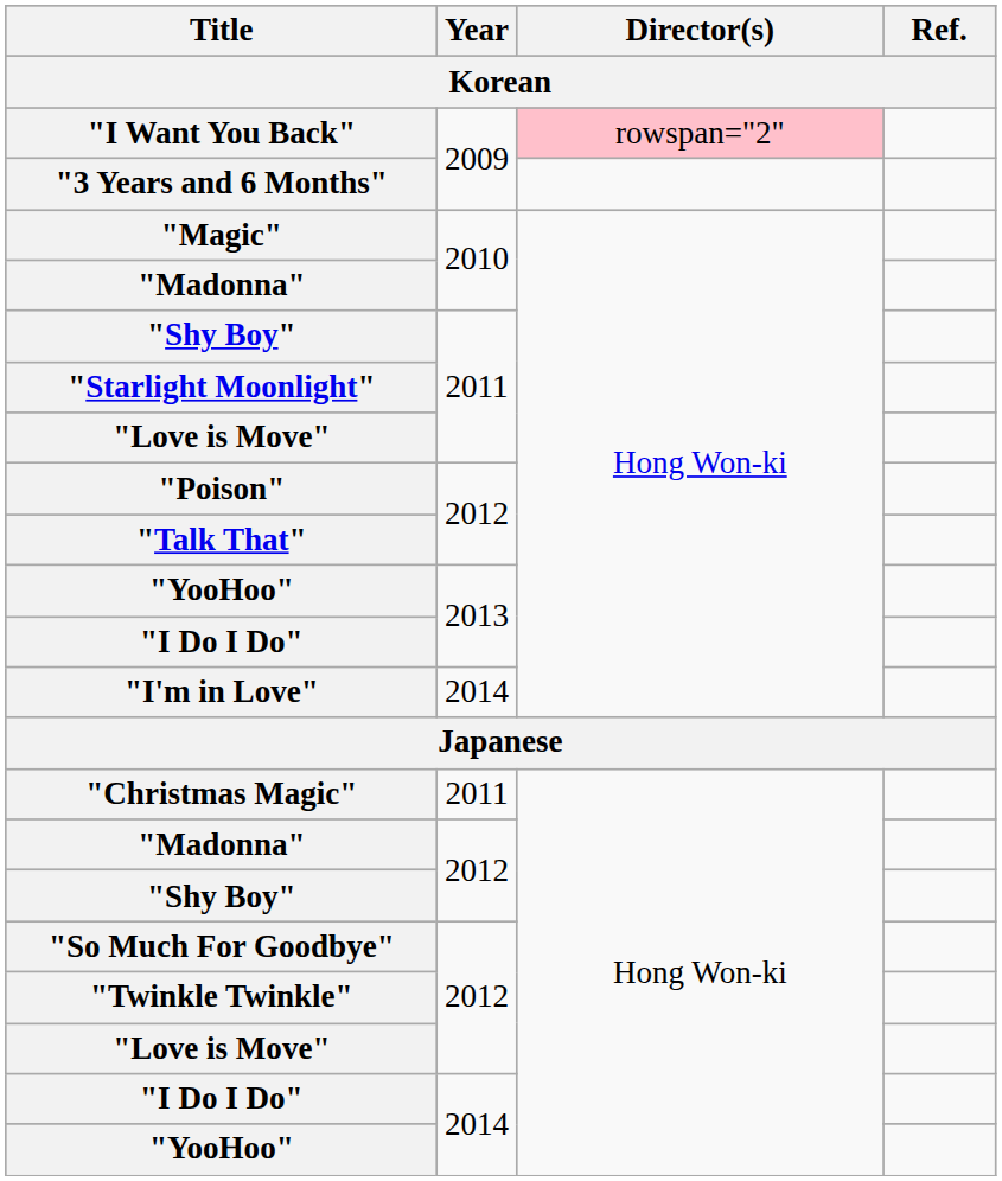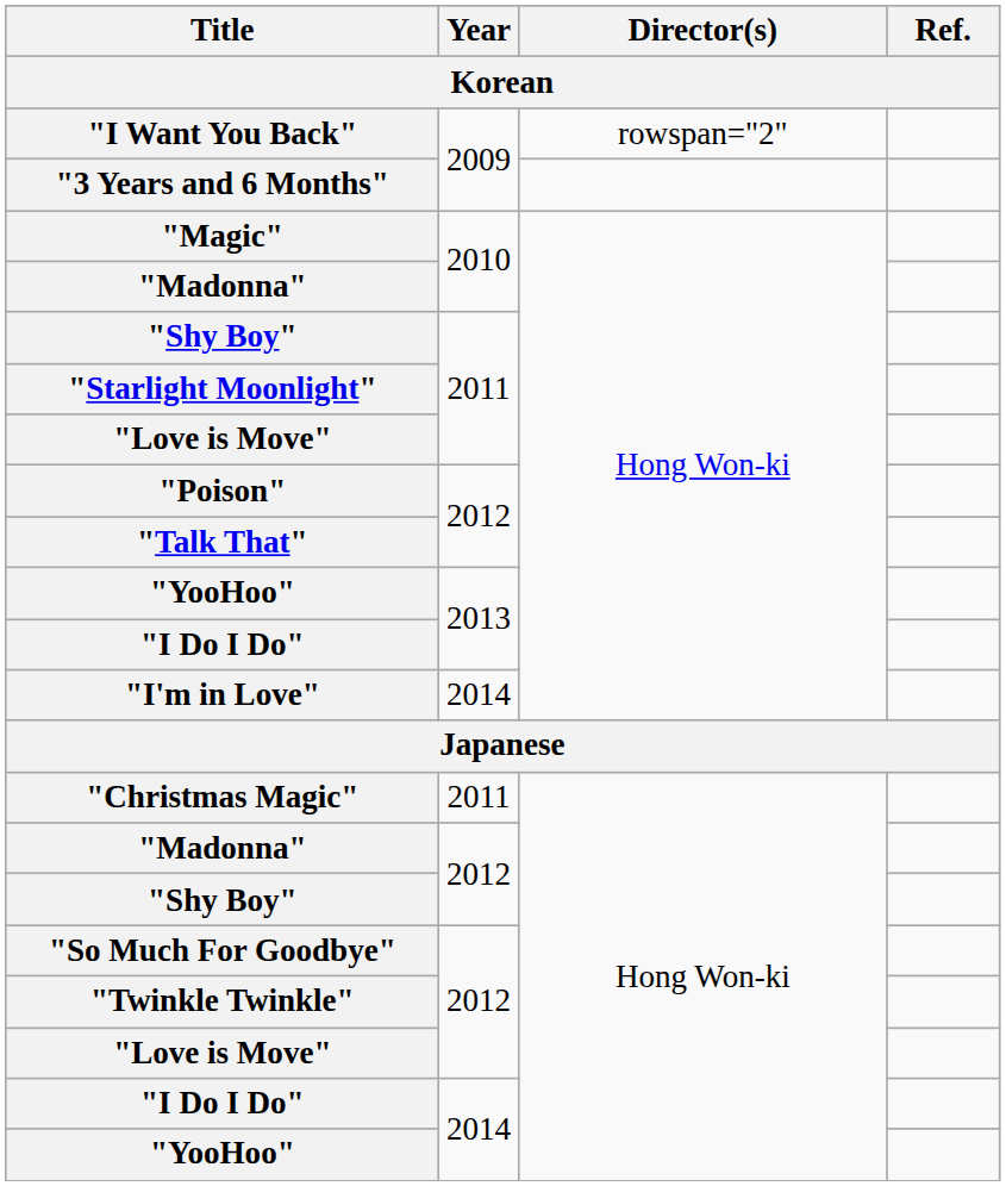 <table class="wikitable plainrowheaders" style="text-align:center;">
 <tr>
 <th scope="col" style="width:13em;">Title</th>
 <th scope="col">Year</th>
 <th scope="col" style="width:11em;">Director(s)</th>
 <th scope="col" style="width:3em;">Ref.</th>
 </tr>
 <tr>
 <th colspan="4">Korean</th>
 </tr>
 <tr>
 <th scope="row">"I Want You Back"</th>
 <td rowspan="2">2009</td>
-<td style="background: pink;">rowspan="2" </td>
+<td>rowspan="2" </td>
 <td></td>
 </tr>
 <tr>
 <th scope="row">"3 Years and 6 Months"</th>
 <td></td>
 </tr>
 <tr>
 <th scope="row">"Magic"</th>
 <td rowspan="2">2010</td>
 <td rowspan="10"><a href='#'>Hong Won-ki</a></td>
 <td></td>
 </tr>
 <tr>
 <th scope="row">"Madonna"</th>
 <td></td>
 </tr>
 <tr>
 <th scope="row">"<a href='#'>Shy Boy</a>"</th>
 <td rowspan="3">2011</td>
 <td></td>
 </tr>
 <tr>
 <th scope="row">"<a href='#'>Starlight Moonlight</a>"</th>
 <td></td>
 </tr>
 <tr>
 <th scope="row">"Love is Move"</th>
 <td></td>
 </tr>
 <tr>
 <th scope="row">"Poison"</th>
 <td rowspan="2">2012</td>
 <td></td>
 </tr>
 <tr>
 <th scope="row">"<a href='#'>Talk That</a>"</th>
 <td></td>
 </tr>
 <tr>
 <th scope="row">"YooHoo"</th>
 <td rowspan="2">2013</td>
 <td></td>
 </tr>
 <tr>
 <th scope="row">"I Do I Do"</th>
 <td></td>
 </tr>
 <tr>
 <th scope="row">"I'm in Love"</th>
 <td>2014</td>
 <td></td>
 </tr>
 <tr>
 <th colspan="4">Japanese</th>
 </tr>
 <tr>
 <th scope="row">"Christmas Magic"</th>
 <td>2011</td>
 <td rowspan="8">Hong Won-ki</td>
 <td></td>
 </tr>
 <tr>
 <th scope="row">"Madonna"</th>
 <td rowspan="2">2012</td>
 <td></td>
 </tr>
 <tr>
 <th scope="row">"Shy Boy"</th>
 <td></td>
 </tr>
 <tr>
 <th scope="row">"So Much For Goodbye"</th>
 <td rowspan="3">2012</td>
 <td></td>
 </tr>
 <tr>
 <th scope="row">"Twinkle Twinkle"</th>
 <td></td>
 </tr>
 <tr>
 <th scope="row">"Love is Move"</th>
 <td></td>
 </tr>
 <tr>
 <th scope="row">"I Do I Do"</th>
 <td rowspan="2">2014</td>
 <td></td>
 </tr>
 <tr>
 <th scope="row">"YooHoo"</th>
 <td></td>
 </tr>
 </table>
